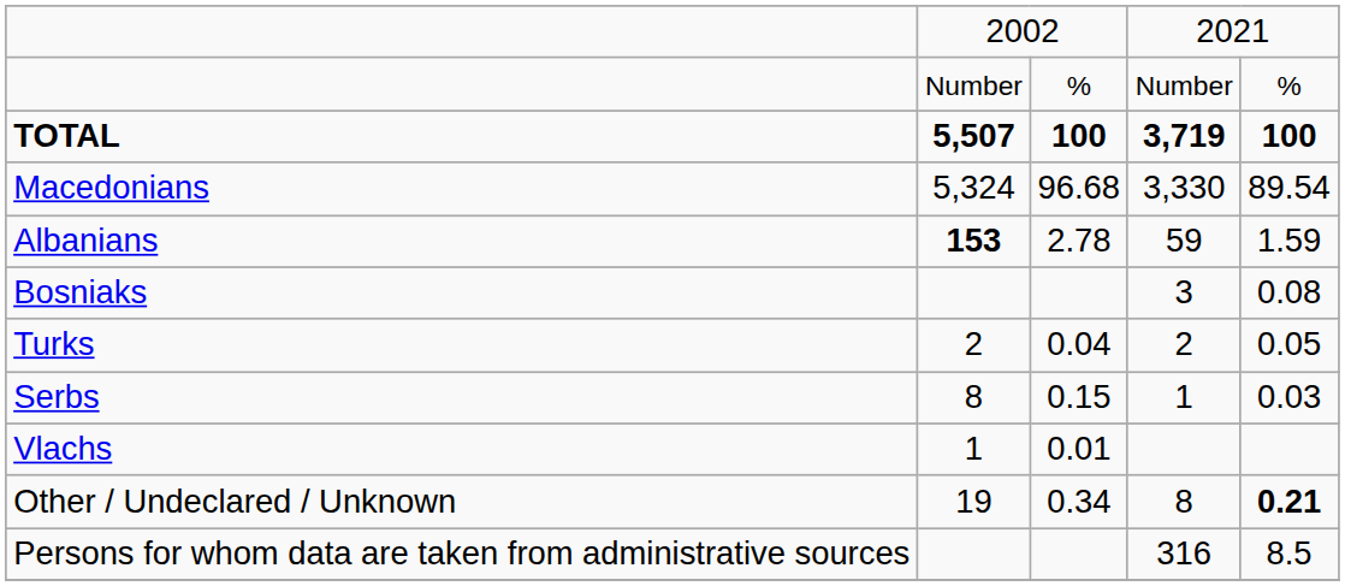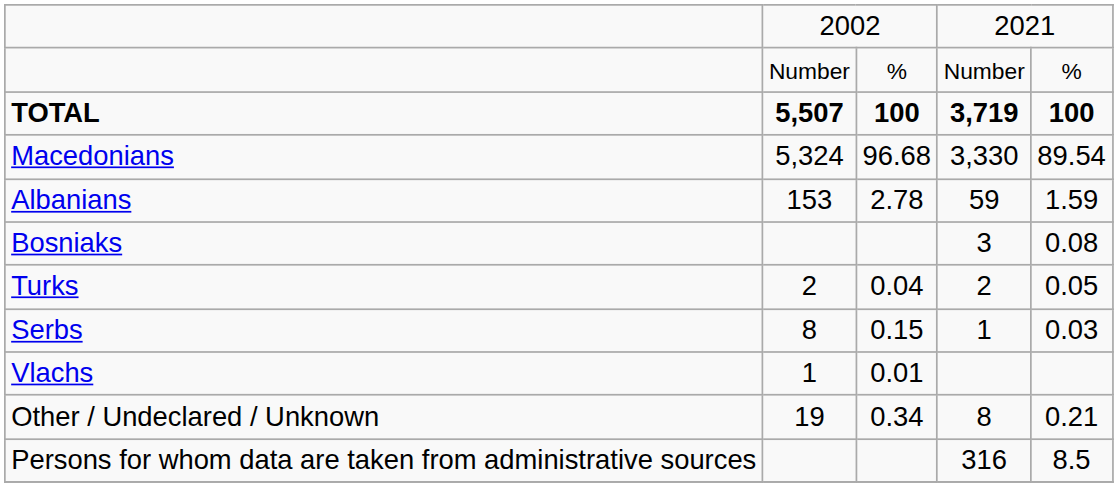 <table class="wikitable">
 <tr>
 <td></td>
 <td colspan="2" align="center">2002</td>
 <td colspan="2" align="center">2021</td>
 </tr>
 <tr>
 <td></td>
 <td align="center"><small>Number</small></td>
 <td align="center"><small>%</small></td>
 <td align="center"><small>Number</small></td>
 <td align="center"><small>%</small></td>
 </tr>
 <tr>
 <td><strong>TOTAL</strong></td>
 <td align="center"><strong>5,507</strong></td>
 <td align="center"><strong>100</strong></td>
 <td align="center"><strong>3,719</strong></td>
 <td align="center"><strong>100</strong></td>
 </tr>
 <tr>
 <td><a href='#'>Macedonians</a></td>
 <td align="center">5,324</td>
 <td align="center">96.68</td>
 <td align="center">3,330</td>
 <td align="center">89.54</td>
 </tr>
 <tr>
 <td><a href='#'>Albanians</a></td>
-<td align="center"><strong>153</strong></td>
+<td align="center">153</td>
 <td align="center">2.78</td>
 <td align="center">59</td>
 <td align="center">1.59</td>
 </tr>
 <tr>
 <td><a href='#'>Bosniaks</a></td>
 <td align="center"></td>
 <td align="center"></td>
 <td align="center">3</td>
 <td align="center">0.08</td>
 </tr>
 <tr>
 <td><a href='#'>Turks</a></td>
 <td align="center">2</td>
 <td align="center">0.04</td>
 <td align="center">2</td>
 <td align="center">0.05</td>
 </tr>
 <tr>
 <td><a href='#'>Serbs</a></td>
 <td align="center">8</td>
 <td align="center">0.15</td>
 <td align="center">1</td>
 <td align="center">0.03</td>
 </tr>
 <tr>
 <td><a href='#'>Vlachs</a></td>
 <td align="center">1</td>
 <td align="center">0.01</td>
 <td align="center"></td>
 <td align="center"></td>
 </tr>
 <tr>
 <td>Other / Undeclared / Unknown</td>
 <td align="center">19</td>
 <td align="center">0.34</td>
 <td align="center">8</td>
-<td align="center"><strong>0.21</strong></td>
+<td align="center">0.21</td>
 </tr>
 <tr>
 <td>Persons for whom data are taken from administrative sources</td>
 <td align="center"></td>
 <td align="center"></td>
 <td align="center">316</td>
 <td align="center">8.5</td>
 </tr>
 <tr>
 </tr>
 </table>
